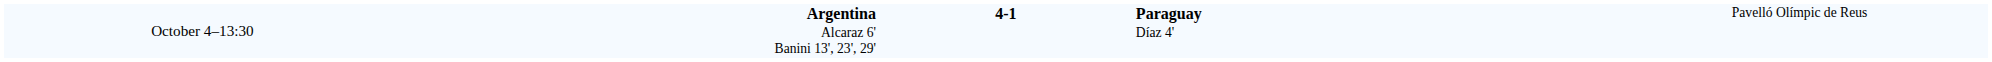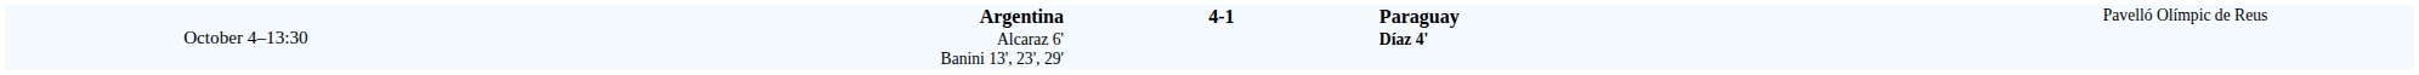 <table style="width: 100%; background:#F5FAFF;" cellspacing="0">
 <tr>
 <td style=font-size:95% align=center rowspan=3 width=20%>October 4–13:30</td>
 </tr>
 <tr>
 <td width=24% align=right><strong>Argentina</strong></td>
 <td align=center width=13%><strong>4-1</strong></td>
 <td width=24%><strong>Paraguay</strong></td>
 <td style=font-size:85% rowspan=3 valign=top align=center>Pavelló Olímpic de Reus</td>
 </tr>
 <tr style=font-size:85%>
 <td align=right valign=top>Alcaraz 6'<br>Banini 13', 23', 29'</td>
 <td></td>
-<td valign=top>Díaz 4'</td>
+<td valign=top><strong>Díaz 4'</strong></td>
 </tr>
 </table>
